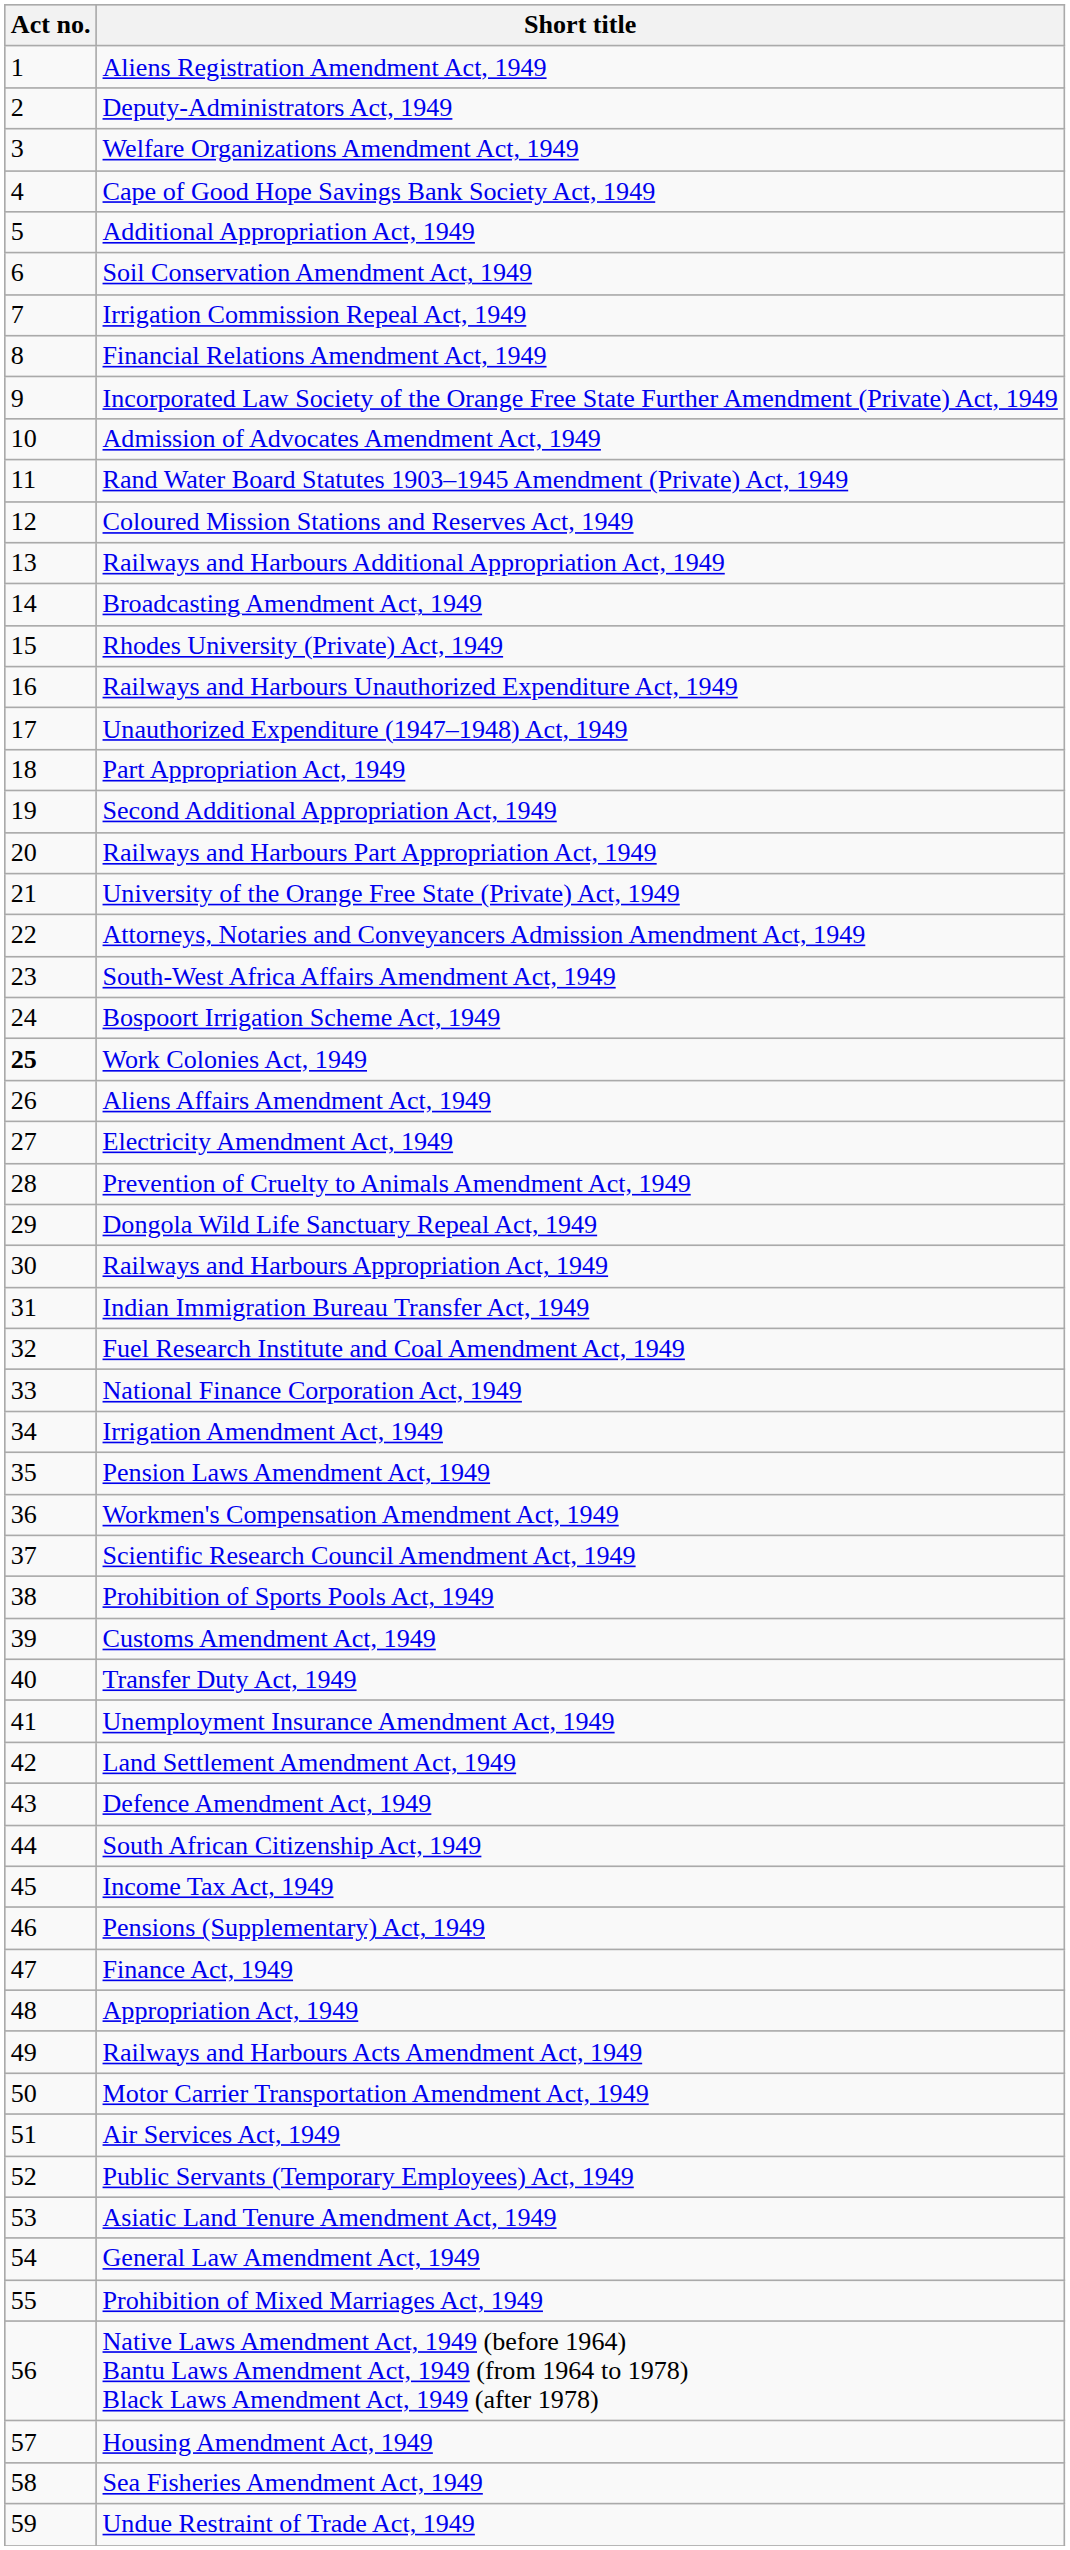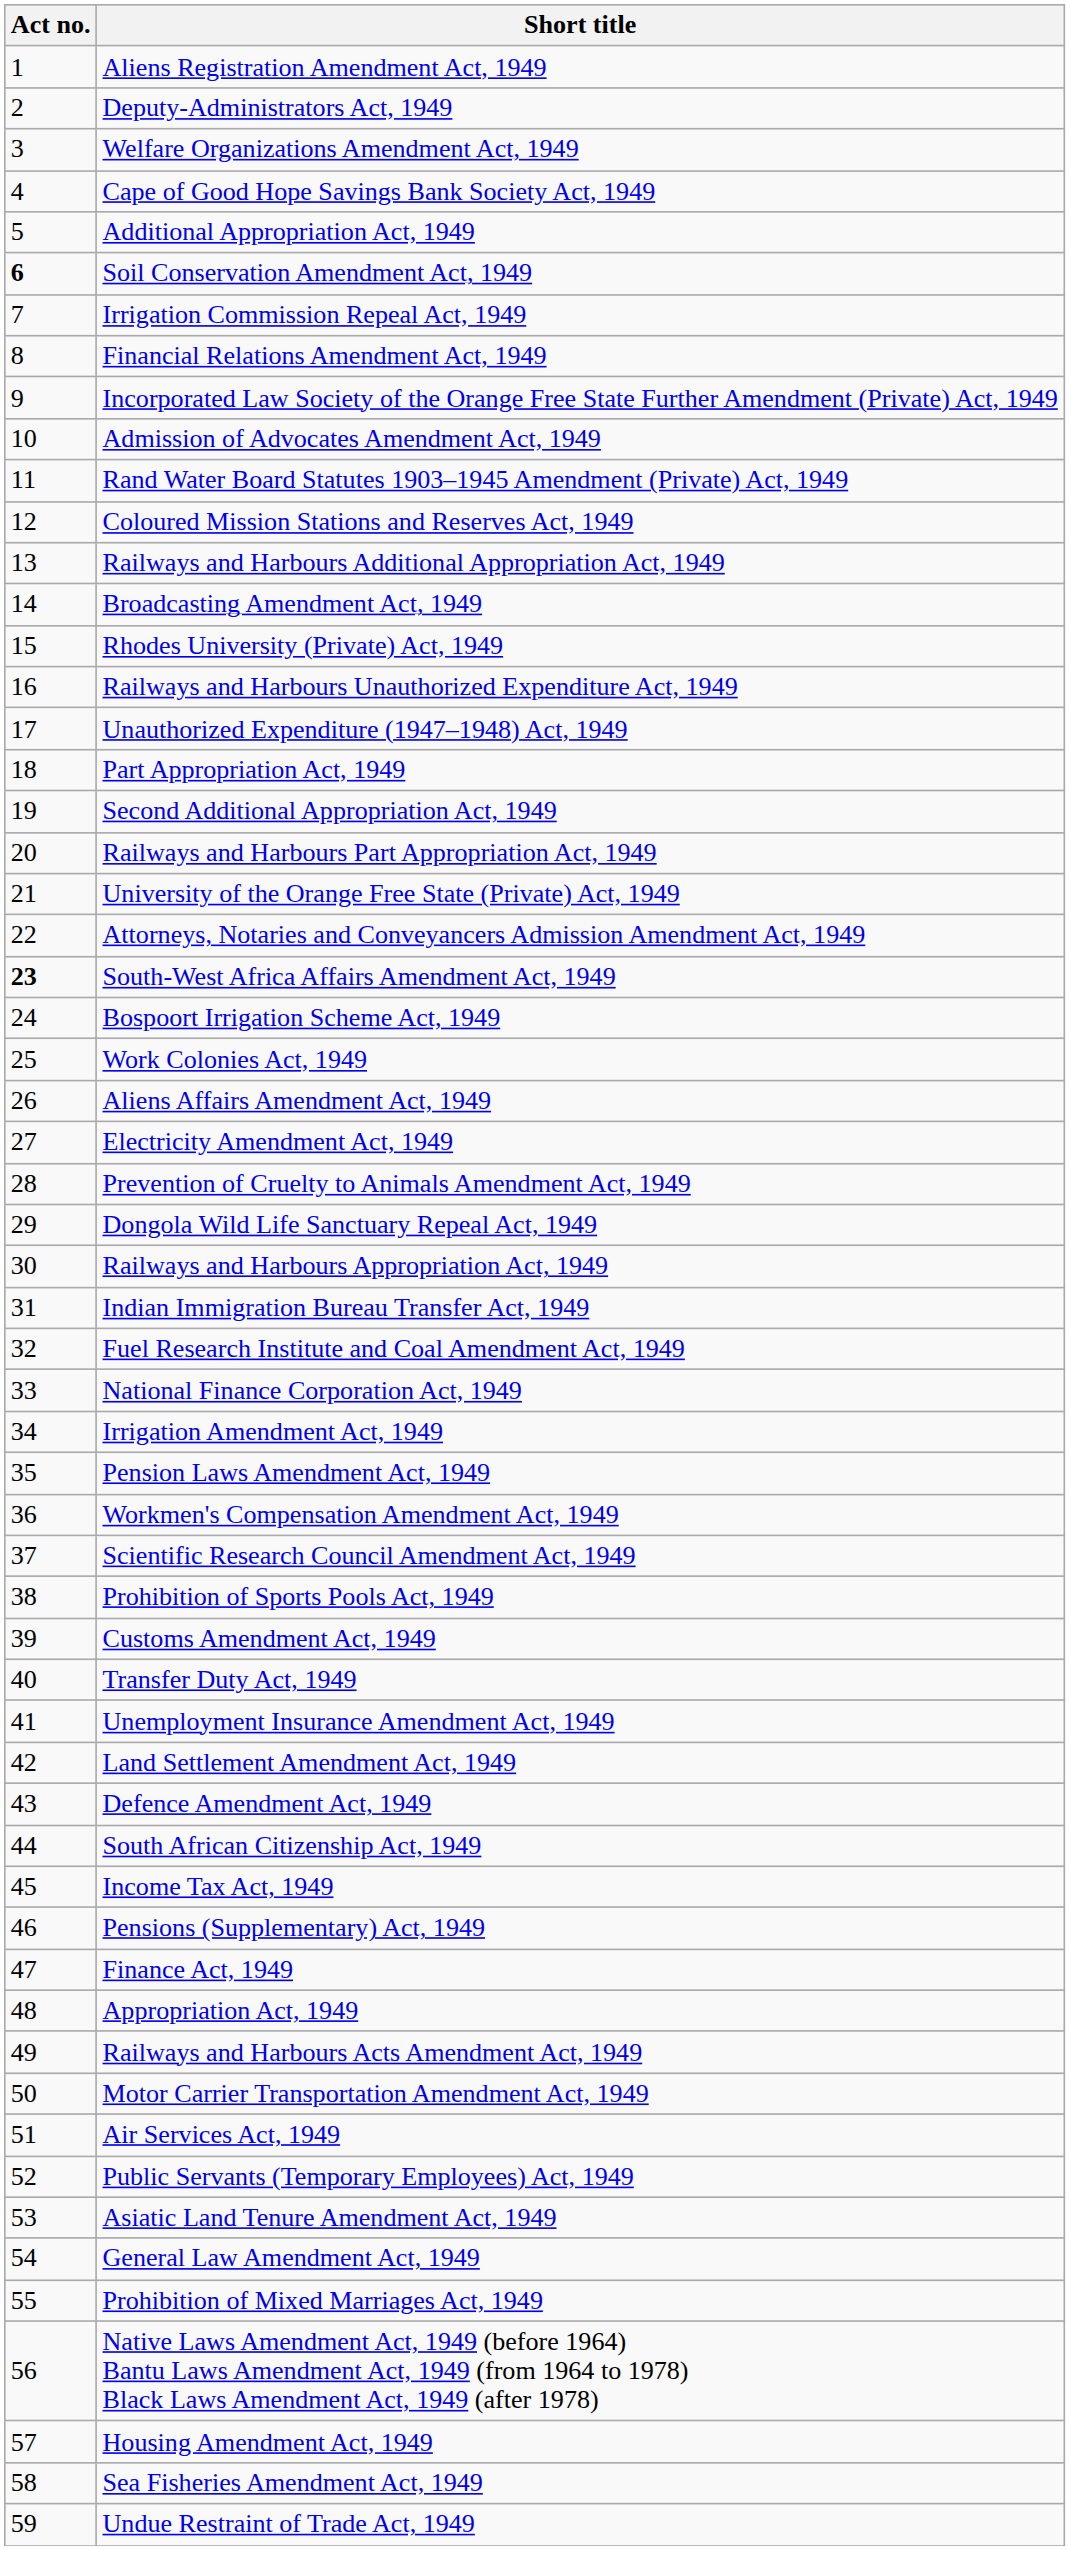 <table class="wikitable sortable">
 <tr>
 <th>Act no.</th>
 <th>Short title</th>
 </tr>
 <tr>
 <td>1</td>
 <td><a href='#'>Aliens Registration Amendment Act, 1949</a></td>
 </tr>
 <tr>
 <td>2</td>
 <td><a href='#'>Deputy-Administrators Act, 1949</a></td>
 </tr>
 <tr>
 <td>3</td>
 <td><a href='#'>Welfare Organizations Amendment Act, 1949</a></td>
 </tr>
 <tr>
 <td>4</td>
 <td><a href='#'>Cape of Good Hope Savings Bank Society Act, 1949</a></td>
 </tr>
 <tr>
 <td>5</td>
 <td><a href='#'>Additional Appropriation Act, 1949</a></td>
 </tr>
 <tr>
-<td>6</td>
+<td><strong>6</strong></td>
 <td><a href='#'>Soil Conservation Amendment Act, 1949</a></td>
 </tr>
 <tr>
 <td>7</td>
 <td><a href='#'>Irrigation Commission Repeal Act, 1949</a></td>
 </tr>
 <tr>
 <td>8</td>
 <td><a href='#'>Financial Relations Amendment Act, 1949</a></td>
 </tr>
 <tr>
 <td>9</td>
 <td><a href='#'>Incorporated Law Society of the Orange Free State Further Amendment (Private) Act, 1949</a></td>
 </tr>
 <tr>
 <td>10</td>
 <td><a href='#'>Admission of Advocates Amendment Act, 1949</a></td>
 </tr>
 <tr>
 <td>11</td>
 <td><a href='#'>Rand Water Board Statutes 1903–1945 Amendment (Private) Act, 1949</a></td>
 </tr>
 <tr>
 <td>12</td>
 <td><a href='#'>Coloured Mission Stations and Reserves Act, 1949</a></td>
 </tr>
 <tr>
 <td>13</td>
 <td><a href='#'>Railways and Harbours Additional Appropriation Act, 1949</a></td>
 </tr>
 <tr>
 <td>14</td>
 <td><a href='#'>Broadcasting Amendment Act, 1949</a></td>
 </tr>
 <tr>
 <td>15</td>
 <td><a href='#'>Rhodes University (Private) Act, 1949</a></td>
 </tr>
 <tr>
 <td>16</td>
 <td><a href='#'>Railways and Harbours Unauthorized Expenditure Act, 1949</a></td>
 </tr>
 <tr>
 <td>17</td>
 <td><a href='#'>Unauthorized Expenditure (1947–1948) Act, 1949</a></td>
 </tr>
 <tr>
 <td>18</td>
 <td><a href='#'>Part Appropriation Act, 1949</a></td>
 </tr>
 <tr>
 <td>19</td>
 <td><a href='#'>Second Additional Appropriation Act, 1949</a></td>
 </tr>
 <tr>
 <td>20</td>
 <td><a href='#'>Railways and Harbours Part Appropriation Act, 1949</a></td>
 </tr>
 <tr>
 <td>21</td>
 <td><a href='#'>University of the Orange Free State (Private) Act, 1949</a></td>
 </tr>
 <tr>
 <td>22</td>
 <td><a href='#'>Attorneys, Notaries and Conveyancers Admission Amendment Act, 1949</a></td>
 </tr>
 <tr>
-<td>23</td>
+<td><strong>23</strong></td>
 <td><a href='#'>South-West Africa Affairs Amendment Act, 1949</a></td>
 </tr>
 <tr>
 <td>24</td>
 <td><a href='#'>Bospoort Irrigation Scheme Act, 1949</a></td>
 </tr>
 <tr>
-<td><strong>25</strong></td>
+<td>25</td>
 <td><a href='#'>Work Colonies Act, 1949</a></td>
 </tr>
 <tr>
 <td>26</td>
 <td><a href='#'>Aliens Affairs Amendment Act, 1949</a></td>
 </tr>
 <tr>
 <td>27</td>
 <td><a href='#'>Electricity Amendment Act, 1949</a></td>
 </tr>
 <tr>
 <td>28</td>
 <td><a href='#'>Prevention of Cruelty to Animals Amendment Act, 1949</a></td>
 </tr>
 <tr>
 <td>29</td>
 <td><a href='#'>Dongola Wild Life Sanctuary Repeal Act, 1949</a></td>
 </tr>
 <tr>
 <td>30</td>
 <td><a href='#'>Railways and Harbours Appropriation Act, 1949</a></td>
 </tr>
 <tr>
 <td>31</td>
 <td><a href='#'>Indian Immigration Bureau Transfer Act, 1949</a></td>
 </tr>
 <tr>
 <td>32</td>
 <td><a href='#'>Fuel Research Institute and Coal Amendment Act, 1949</a></td>
 </tr>
 <tr>
 <td>33</td>
 <td><a href='#'>National Finance Corporation Act, 1949</a></td>
 </tr>
 <tr>
 <td>34</td>
 <td><a href='#'>Irrigation Amendment Act, 1949</a></td>
 </tr>
 <tr>
 <td>35</td>
 <td><a href='#'>Pension Laws Amendment Act, 1949</a></td>
 </tr>
 <tr>
 <td>36</td>
 <td><a href='#'>Workmen's Compensation Amendment Act, 1949</a></td>
 </tr>
 <tr>
 <td>37</td>
 <td><a href='#'>Scientific Research Council Amendment Act, 1949</a></td>
 </tr>
 <tr>
 <td>38</td>
 <td><a href='#'>Prohibition of Sports Pools Act, 1949</a></td>
 </tr>
 <tr>
 <td>39</td>
 <td><a href='#'>Customs Amendment Act, 1949</a></td>
 </tr>
 <tr>
 <td>40</td>
 <td><a href='#'>Transfer Duty Act, 1949</a></td>
 </tr>
 <tr>
 <td>41</td>
 <td><a href='#'>Unemployment Insurance Amendment Act, 1949</a></td>
 </tr>
 <tr>
 <td>42</td>
 <td><a href='#'>Land Settlement Amendment Act, 1949</a></td>
 </tr>
 <tr>
 <td>43</td>
 <td><a href='#'>Defence Amendment Act, 1949</a></td>
 </tr>
 <tr>
 <td>44</td>
 <td><a href='#'>South African Citizenship Act, 1949</a></td>
 </tr>
 <tr>
 <td>45</td>
 <td><a href='#'>Income Tax Act, 1949</a></td>
 </tr>
 <tr>
 <td>46</td>
 <td><a href='#'>Pensions (Supplementary) Act, 1949</a></td>
 </tr>
 <tr>
 <td>47</td>
 <td><a href='#'>Finance Act, 1949</a></td>
 </tr>
 <tr>
 <td>48</td>
 <td><a href='#'>Appropriation Act, 1949</a></td>
 </tr>
 <tr>
 <td>49</td>
 <td><a href='#'>Railways and Harbours Acts Amendment Act, 1949</a></td>
 </tr>
 <tr>
 <td>50</td>
 <td><a href='#'>Motor Carrier Transportation Amendment Act, 1949</a></td>
 </tr>
 <tr>
 <td>51</td>
 <td><a href='#'>Air Services Act, 1949</a></td>
 </tr>
 <tr>
 <td>52</td>
 <td><a href='#'>Public Servants (Temporary Employees) Act, 1949</a></td>
 </tr>
 <tr>
 <td>53</td>
 <td><a href='#'>Asiatic Land Tenure Amendment Act, 1949</a></td>
 </tr>
 <tr>
 <td>54</td>
 <td><a href='#'>General Law Amendment Act, 1949</a></td>
 </tr>
 <tr>
 <td>55</td>
 <td><a href='#'>Prohibition of Mixed Marriages Act, 1949</a></td>
 </tr>
 <tr>
 <td>56</td>
 <td><a href='#'>Native Laws Amendment Act, 1949</a> (before 1964) <br><a href='#'>Bantu Laws Amendment Act, 1949</a> (from 1964 to 1978) <br><a href='#'>Black Laws Amendment Act, 1949</a> (after 1978)</td>
 </tr>
 <tr>
 <td>57</td>
 <td><a href='#'>Housing Amendment Act, 1949</a></td>
 </tr>
 <tr>
 <td>58</td>
 <td><a href='#'>Sea Fisheries Amendment Act, 1949</a></td>
 </tr>
 <tr>
 <td>59</td>
 <td><a href='#'>Undue Restraint of Trade Act, 1949</a></td>
 </tr>
 </table>
